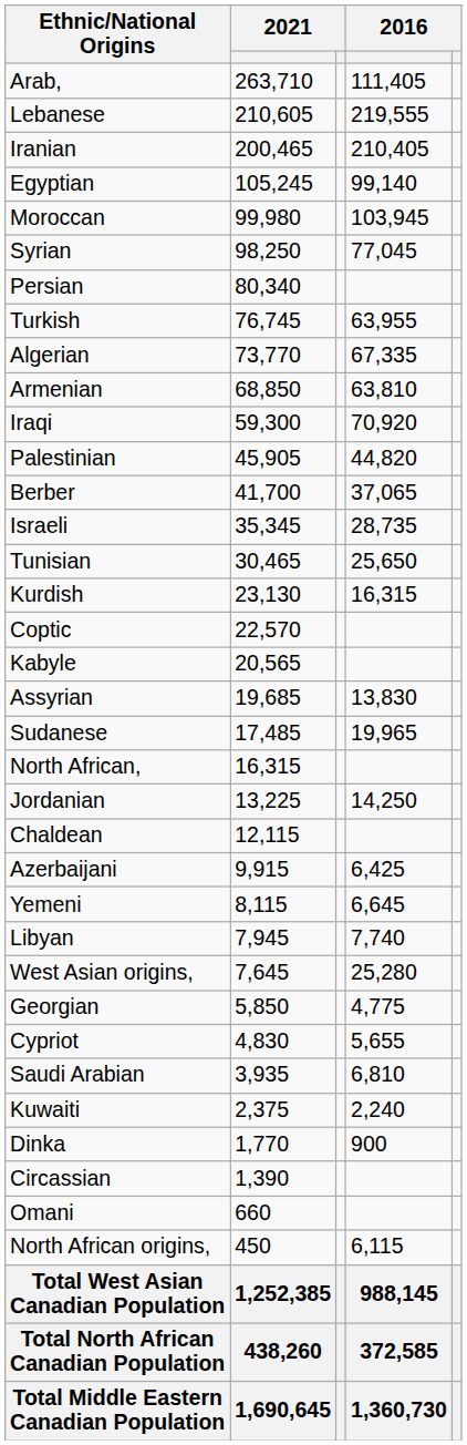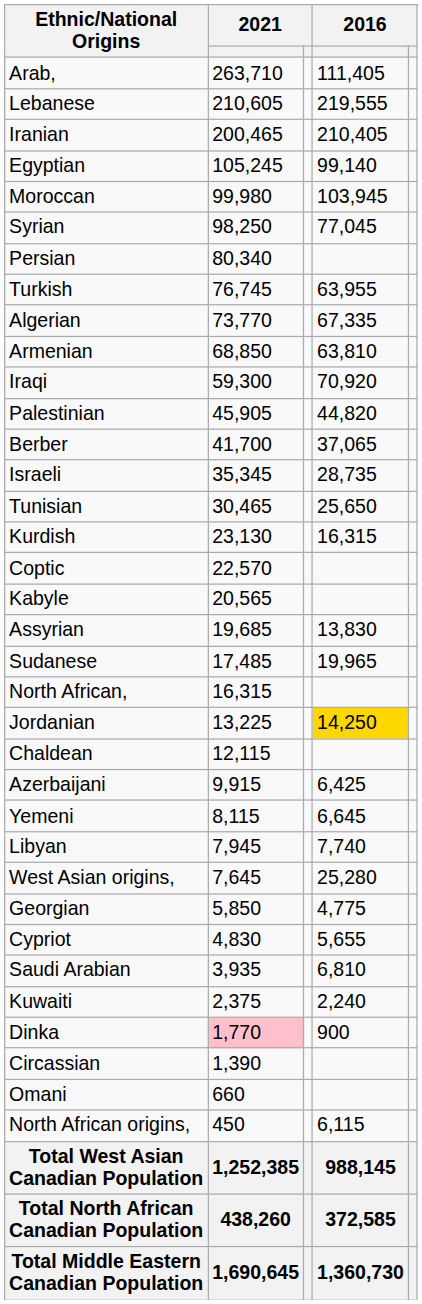 <table class="wikitable sortable">
 <tr>
 <th rowspan="2">Ethnic/National<br>Origins</th>
 <th colspan="2">2021</th>
 <th colspan="2">2016</th>
 </tr>
 <tr>
 <th><a href='#'></a></th>
 <th></th>
 <th></th>
 <th></th>
 </tr>
 <tr>
 <td>Arab, </td>
 <td>263,710</td>
 <td></td>
 <td>111,405</td>
 <td></td>
 </tr>
 <tr>
 <td>Lebanese</td>
 <td>210,605</td>
 <td></td>
 <td>219,555</td>
 <td></td>
 </tr>
 <tr>
 <td>Iranian</td>
 <td>200,465</td>
 <td></td>
 <td>210,405</td>
 <td></td>
 </tr>
 <tr>
 <td>Egyptian</td>
 <td>105,245</td>
 <td></td>
 <td>99,140</td>
 <td></td>
 </tr>
 <tr>
 <td>Moroccan</td>
 <td>99,980</td>
 <td></td>
 <td>103,945</td>
 <td></td>
 </tr>
 <tr>
 <td>Syrian</td>
 <td>98,250</td>
 <td></td>
 <td>77,045</td>
 <td></td>
 </tr>
 <tr>
 <td>Persian</td>
 <td>80,340</td>
 <td></td>
 <td></td>
 <td></td>
 </tr>
 <tr>
 <td>Turkish</td>
 <td>76,745</td>
 <td></td>
 <td>63,955</td>
 <td></td>
 </tr>
 <tr>
 <td>Algerian</td>
 <td>73,770</td>
 <td></td>
 <td>67,335</td>
 <td></td>
 </tr>
 <tr>
 <td>Armenian</td>
 <td>68,850</td>
 <td></td>
 <td>63,810</td>
 <td></td>
 </tr>
 <tr>
 <td>Iraqi</td>
 <td>59,300</td>
 <td></td>
 <td>70,920</td>
 <td></td>
 </tr>
 <tr>
 <td>Palestinian</td>
 <td>45,905</td>
 <td></td>
 <td>44,820</td>
 <td></td>
 </tr>
 <tr>
 <td>Berber</td>
 <td>41,700</td>
 <td></td>
 <td>37,065</td>
 <td></td>
 </tr>
 <tr>
 <td>Israeli</td>
 <td>35,345</td>
 <td></td>
 <td>28,735</td>
 <td></td>
 </tr>
 <tr>
 <td>Tunisian</td>
 <td>30,465</td>
 <td></td>
 <td>25,650</td>
 <td></td>
 </tr>
 <tr>
 <td>Kurdish</td>
 <td>23,130</td>
 <td></td>
 <td>16,315</td>
 <td></td>
 </tr>
 <tr>
 <td>Coptic</td>
 <td>22,570</td>
 <td></td>
 <td></td>
 <td></td>
 </tr>
 <tr>
 <td>Kabyle</td>
 <td>20,565</td>
 <td></td>
 <td></td>
 <td></td>
 </tr>
 <tr>
 <td>Assyrian</td>
 <td>19,685</td>
 <td></td>
 <td>13,830</td>
 <td></td>
 </tr>
 <tr>
 <td>Sudanese</td>
 <td>17,485</td>
 <td></td>
 <td>19,965</td>
 <td></td>
 </tr>
 <tr>
 <td>North African, </td>
 <td>16,315</td>
 <td></td>
 <td></td>
 <td></td>
 </tr>
 <tr>
 <td>Jordanian</td>
 <td>13,225</td>
 <td></td>
-<td>14,250</td>
+<td style="background: gold;">14,250</td>
 <td></td>
 </tr>
 <tr>
 <td>Chaldean</td>
 <td>12,115</td>
 <td></td>
 <td></td>
 <td></td>
 </tr>
 <tr>
 <td>Azerbaijani</td>
 <td>9,915</td>
 <td></td>
 <td>6,425</td>
 <td></td>
 </tr>
 <tr>
 <td>Yemeni</td>
 <td>8,115</td>
 <td></td>
 <td>6,645</td>
 <td></td>
 </tr>
 <tr>
 <td>Libyan</td>
 <td>7,945</td>
 <td></td>
 <td>7,740</td>
 <td></td>
 </tr>
 <tr>
 <td>West Asian origins, </td>
 <td>7,645</td>
 <td></td>
 <td>25,280</td>
 <td></td>
 </tr>
 <tr>
 <td>Georgian</td>
 <td>5,850</td>
 <td></td>
 <td>4,775</td>
 <td></td>
 </tr>
 <tr>
 <td>Cypriot</td>
 <td>4,830</td>
 <td></td>
 <td>5,655</td>
 <td></td>
 </tr>
 <tr>
 <td>Saudi Arabian</td>
 <td>3,935</td>
 <td></td>
 <td>6,810</td>
 <td></td>
 </tr>
 <tr>
 <td>Kuwaiti</td>
 <td>2,375</td>
 <td></td>
 <td>2,240</td>
 <td></td>
 </tr>
 <tr>
 <td>Dinka</td>
-<td>1,770</td>
+<td style="background: pink;">1,770</td>
 <td></td>
 <td>900</td>
 <td></td>
 </tr>
 <tr>
 <td>Circassian</td>
 <td>1,390</td>
 <td></td>
 <td></td>
 <td></td>
 </tr>
 <tr>
 <td>Omani</td>
 <td>660</td>
 <td></td>
 <td></td>
 <td></td>
 </tr>
 <tr>
 <td>North African origins, </td>
 <td>450</td>
 <td></td>
 <td>6,115</td>
 <td></td>
 </tr>
 <tr class="sortbottom">
 <th>Total West Asian<br>Canadian Population</th>
 <th>1,252,385</th>
 <th></th>
 <th>988,145</th>
 <th></th>
 </tr>
 <tr class="sortbottom">
 <th>Total North African<br>Canadian Population</th>
 <th>438,260</th>
 <th></th>
 <th>372,585</th>
 <th></th>
 </tr>
 <tr class="sortbottom">
 <th>Total Middle Eastern<br>Canadian Population</th>
 <th>1,690,645</th>
 <th></th>
 <th>1,360,730</th>
 <th></th>
 </tr>
 </table>
